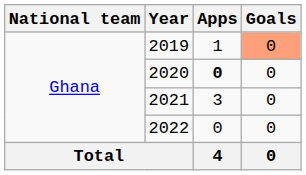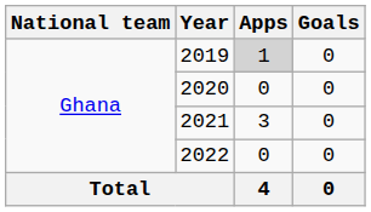 <table class="wikitable" style="text-align:center">
 <tr>
 <th>National team</th>
 <th>Year</th>
 <th>Apps</th>
 <th>Goals</th>
 </tr>
 <tr>
 <td rowspan="4"><a href='#'>Ghana</a></td>
 <td>2019</td>
-<td>1</td>
-<td style="background: lightsalmon;">0</td>
+<td style="background: lightgrey;">1</td>
+<td>0</td>
 </tr>
 <tr>
 <td>2020</td>
-<td><strong>0</strong></td>
+<td>0</td>
 <td>0</td>
 </tr>
 <tr>
 <td>2021</td>
 <td>3</td>
 <td>0</td>
 </tr>
 <tr>
 <td>2022</td>
 <td>0</td>
 <td>0</td>
 </tr>
 <tr>
 <th colspan="2">Total</th>
 <th>4</th>
 <th>0</th>
 </tr>
 </table>
